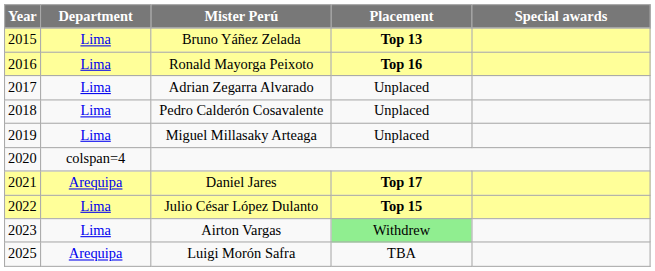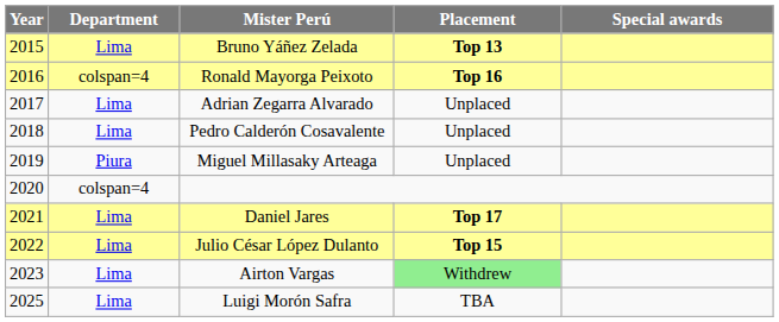 <table class="wikitable sortable" style="font-size: 85%; text-align:center">
 <tr>
 <th width="20" style="background-color:#787878;color:#FFFFFF;">Year</th>
 <th width="100" style="background-color:#787878;color:#FFFFFF;">Department</th>
 <th width="170" style="background-color:#787878;color:#FFFFFF;">Mister Perú</th>
 <th width="130" style="background-color:#787878;color:#FFFFFF;">Placement</th>
 <th width="170" style="background-color:#787878;color:#FFFFFF;">Special awards</th>
 </tr>
 <tr>
 </tr>
 <tr style="background-color:#FFFF99;">
 <td>2015</td>
 <td><a href='#'>Lima</a></td>
 <td>Bruno Yáñez Zelada</td>
 <td><strong>Top 13</strong></td>
 <td></td>
 </tr>
 <tr style="background-color:#FFFF99;">
 <td>2016</td>
-<td><a href='#'>Lima</a></td>
+<td>colspan=4 </td>
 <td>Ronald Mayorga Peixoto</td>
 <td><strong>Top 16</strong></td>
 <td></td>
 </tr>
 <tr>
 <td>2017</td>
 <td><a href='#'>Lima</a></td>
 <td>Adrian Zegarra Alvarado</td>
 <td>Unplaced</td>
 <td></td>
 </tr>
 <tr>
 <td>2018</td>
 <td><a href='#'>Lima</a></td>
 <td>Pedro Calderón Cosavalente</td>
 <td>Unplaced</td>
 <td></td>
 </tr>
 <tr>
 <td>2019</td>
-<td><a href='#'>Lima</a></td>
+<td><a href='#'>Piura</a></td>
 <td>Miguel Millasaky Arteaga</td>
 <td>Unplaced</td>
 <td></td>
 </tr>
 <tr>
 <td>2020</td>
 <td>colspan=4 </td>
 </tr>
 <tr style="background-color:#FFFF99;">
 <td>2021</td>
-<td><a href='#'>Arequipa</a></td>
+<td><a href='#'>Lima</a></td>
 <td>Daniel Jares</td>
 <td><strong>Top 17</strong></td>
 <td></td>
 </tr>
 <tr style="background-color:#FFFF99;">
 <td>2022</td>
 <td><a href='#'>Lima</a></td>
 <td>Julio César López Dulanto</td>
 <td><strong>Top 15</strong></td>
 <td></td>
 </tr>
 <tr>
 <td>2023</td>
 <td><a href='#'>Lima</a></td>
 <td>Airton Vargas</td>
 <td style="background: lightgreen;">Withdrew</td>
 <td></td>
 </tr>
 <tr>
 <td>2025</td>
-<td><a href='#'>Arequipa</a></td>
+<td><a href='#'>Lima</a></td>
 <td>Luigi Morón Safra</td>
 <td>TBA</td>
 <td></td>
 </tr>
 </table>
